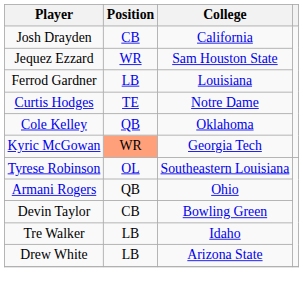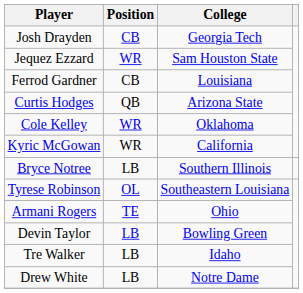 <table class="wikitable" style="text-align:center">
 <tr>
 <th>Player</th>
 <th>Position</th>
 <th>College</th>
 <th></th>
 </tr>
 <tr>
 <td>Josh Drayden</td>
 <td><a href='#'>CB</a></td>
-<td><a href='#'>California</a></td>
+<td><a href='#'>Georgia Tech</a></td>
 <td rowspan = 6></td>
 </tr>
 <tr>
 <td>Jequez Ezzard</td>
 <td><a href='#'>WR</a></td>
 <td><a href='#'>Sam Houston State</a></td>
 </tr>
 <tr>
 <td>Ferrod Gardner</td>
-<td><a href='#'>LB</a></td>
+<td>CB</td>
 <td><a href='#'>Louisiana</a></td>
 </tr>
 <tr>
 <td><a href='#'>Curtis Hodges</a></td>
-<td><a href='#'>TE</a></td>
-<td><a href='#'>Notre Dame</a></td>
+<td>QB</td>
+<td><a href='#'>Arizona State</a></td>
 </tr>
 <tr>
 <td><a href='#'>Cole Kelley</a></td>
-<td><a href='#'>QB</a></td>
+<td><a href='#'>WR</a></td>
 <td><a href='#'>Oklahoma</a></td>
 </tr>
 <tr>
 <td><a href='#'>Kyric McGowan</a></td>
-<td style="background: lightsalmon;">WR</td>
-<td><a href='#'>Georgia Tech</a></td>
+<td>WR</td>
+<td><a href='#'>California</a></td>
+</tr>
+<tr>
+<td><a href='#'>Bryce Notree</a></td>
+<td>LB</td>
+<td><a href='#'>Southern Illinois</a></td>
+<td></td>
 </tr>
 <tr>
 <td><a href='#'>Tyrese Robinson</a></td>
 <td><a href='#'>OL</a></td>
 <td><a href='#'>Southeastern Louisiana</a></td>
 <td rowspan = 5></td>
 </tr>
 <tr>
 <td><a href='#'>Armani Rogers</a></td>
-<td>QB</td>
+<td><a href='#'>TE</a></td>
 <td><a href='#'>Ohio</a></td>
 </tr>
 <tr>
 <td>Devin Taylor</td>
-<td>CB</td>
+<td><a href='#'>LB</a></td>
 <td><a href='#'>Bowling Green</a></td>
 </tr>
 <tr>
 <td>Tre Walker</td>
 <td>LB</td>
 <td><a href='#'>Idaho</a></td>
 </tr>
 <tr>
 <td>Drew White</td>
 <td>LB</td>
-<td><a href='#'>Arizona State</a></td>
+<td><a href='#'>Notre Dame</a></td>
 </tr>
 <tr>
 </tr>
 </table>
